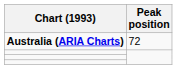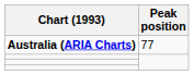 <table class="wikitable sortable">
 <tr>
 <th align="left">Chart (1993)</th>
 <th align="center">Peak<br>position</th>
 </tr>
 <tr>
 <td><strong>Australia (<a href='#'>ARIA Charts</a>)</strong></td>
-<td>72</td>
+<td>77</td>
 </tr>
 <tr>
 <td></td>
 </tr>
 <tr>
 <td></td>
 </tr>
 <tr>
 <td></td>
 </tr>
 </table>
